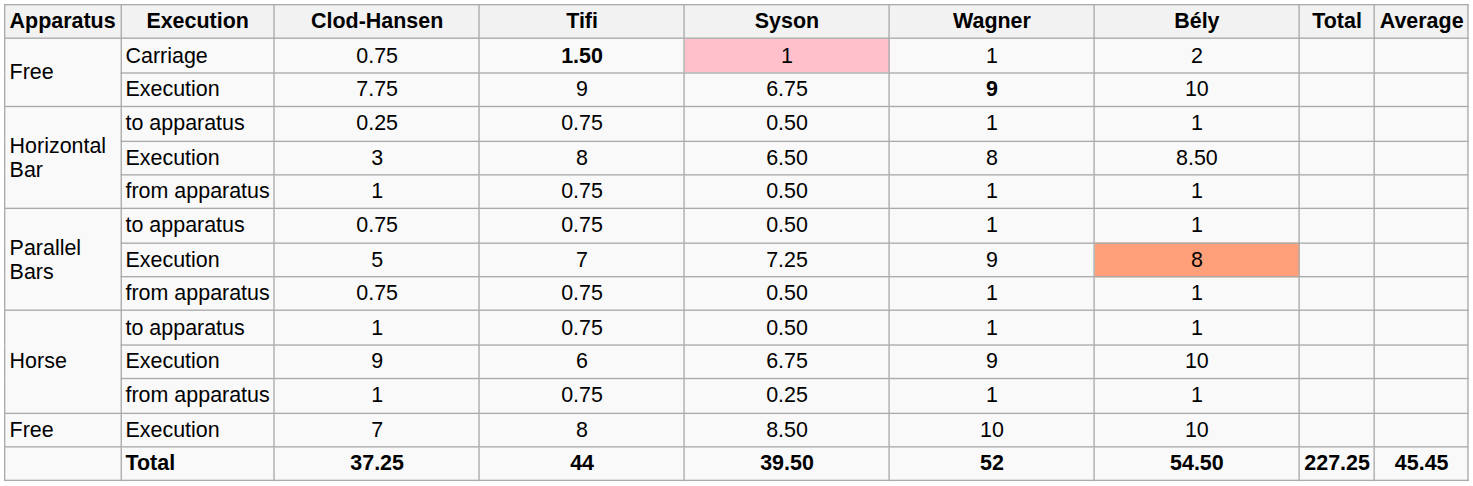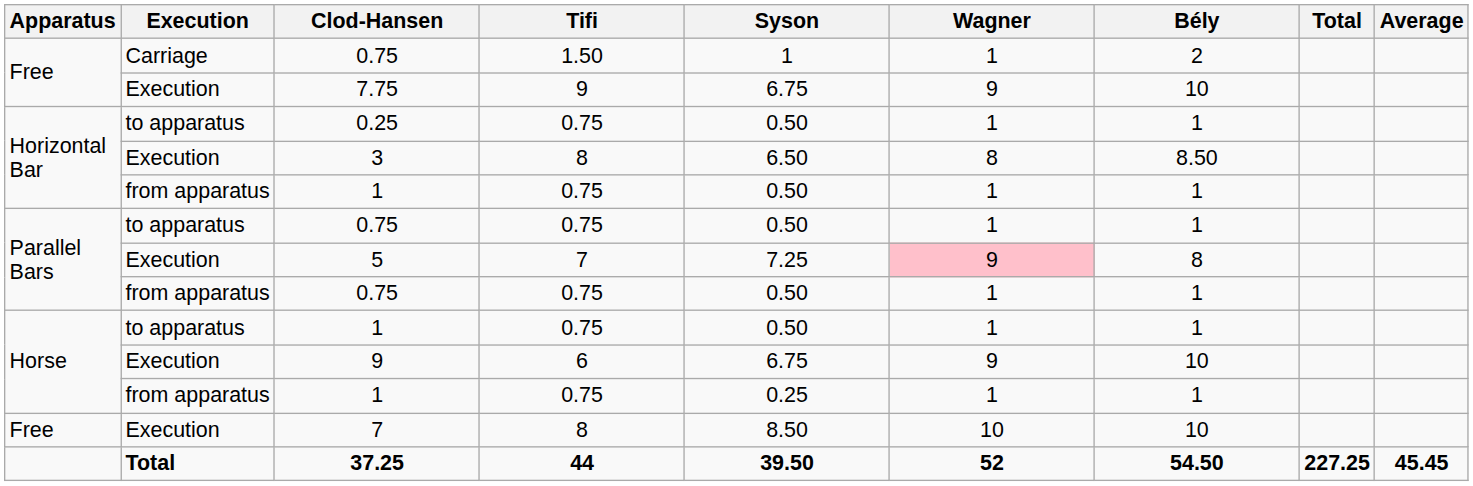 <table class="wikitable">
 <tr>
 <th>Apparatus</th>
 <th>Execution</th>
 <th width=14%>Clod-Hansen</th>
 <th width=14%>Tifi</th>
 <th width=14%>Syson</th>
 <th width=14%>Wagner</th>
 <th width=14%>Bély</th>
 <th>Total</th>
 <th>Average</th>
 </tr>
 <tr>
 <td rowspan=2>Free</td>
 <td>Carriage</td>
 <td align="center">0.75</td>
-<td align="center"><strong>1.50</strong></td>
-<td align="center" style="background: pink;">1</td>
+<td align="center">1.50</td>
+<td align="center">1</td>
 <td align="center">1</td>
 <td align="center">2</td>
 <td></td>
 <td></td>
 </tr>
 <tr>
 <td>Execution</td>
 <td align="center">7.75</td>
 <td align="center">9</td>
 <td align="center">6.75</td>
-<td align="center"><strong>9</strong></td>
+<td align="center">9</td>
 <td align="center">10</td>
 <td></td>
 <td></td>
 </tr>
 <tr>
 <td rowspan=3>Horizontal<br>Bar</td>
 <td>to apparatus</td>
 <td align="center">0.25</td>
 <td align="center">0.75</td>
 <td align="center">0.50</td>
 <td align="center">1</td>
 <td align="center">1</td>
 <td></td>
 <td></td>
 </tr>
 <tr>
 <td>Execution</td>
 <td align="center">3</td>
 <td align="center">8</td>
 <td align="center">6.50</td>
 <td align="center">8</td>
 <td align="center">8.50</td>
 <td></td>
 <td></td>
 </tr>
 <tr>
 <td>from apparatus</td>
 <td align="center">1</td>
 <td align="center">0.75</td>
 <td align="center">0.50</td>
 <td align="center">1</td>
 <td align="center">1</td>
 <td></td>
 <td></td>
 </tr>
 <tr>
 <td rowspan=3>Parallel<br>Bars</td>
 <td>to apparatus</td>
 <td align="center">0.75</td>
 <td align="center">0.75</td>
 <td align="center">0.50</td>
 <td align="center">1</td>
 <td align="center">1</td>
 <td></td>
 <td></td>
 </tr>
 <tr>
 <td>Execution</td>
 <td align="center">5</td>
 <td align="center">7</td>
 <td align="center">7.25</td>
-<td align="center">9</td>
-<td align="center" style="background: lightsalmon;">8</td>
+<td align="center" style="background: pink;">9</td>
+<td align="center">8</td>
 <td></td>
 <td></td>
 </tr>
 <tr>
 <td>from apparatus</td>
 <td align="center">0.75</td>
 <td align="center">0.75</td>
 <td align="center">0.50</td>
 <td align="center">1</td>
 <td align="center">1</td>
 <td></td>
 <td></td>
 </tr>
 <tr>
 <td rowspan=3>Horse</td>
 <td>to apparatus</td>
 <td align="center">1</td>
 <td align="center">0.75</td>
 <td align="center">0.50</td>
 <td align="center">1</td>
 <td align="center">1</td>
 <td></td>
 <td></td>
 </tr>
 <tr>
 <td>Execution</td>
 <td align="center">9</td>
 <td align="center">6</td>
 <td align="center">6.75</td>
 <td align="center">9</td>
 <td align="center">10</td>
 <td></td>
 <td></td>
 </tr>
 <tr>
 <td>from apparatus</td>
 <td align="center">1</td>
 <td align="center">0.75</td>
 <td align="center">0.25</td>
 <td align="center">1</td>
 <td align="center">1</td>
 <td></td>
 <td></td>
 </tr>
 <tr>
 <td>Free</td>
 <td>Execution</td>
 <td align="center">7</td>
 <td align="center">8</td>
 <td align="center">8.50</td>
 <td align="center">10</td>
 <td align="center">10</td>
 <td></td>
 <td></td>
 </tr>
 <tr>
 <td></td>
 <td><strong>Total</strong></td>
 <td align="center"><strong>37.25</strong></td>
 <td align="center"><strong>44</strong></td>
 <td align="center"><strong>39.50</strong></td>
 <td align="center"><strong>52</strong></td>
 <td align="center"><strong>54.50</strong></td>
 <td align="center"><strong>227.25</strong></td>
 <td align="center"><strong>45.45</strong></td>
 </tr>
 </table>
